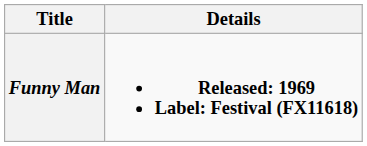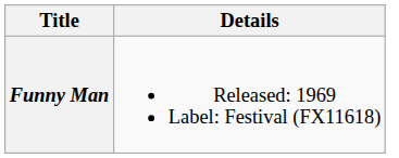 <table class="wikitable plainrowheaders" style="text-align:center;" border="1">
 <tr>
 <th scope="col">Title</th>
 <th scope="col">Details</th>
 </tr>
 <tr>
 <th scope="row"><em>Funny Man</em></th>
-<td><strong><br><ul><li>Released: 1969</li><li>Label: Festival (FX11618)</li></ul></strong></td>
+<td><br><ul><li>Released: 1969</li><li>Label: Festival (FX11618)</li></ul></td>
 </tr>
 </table>
